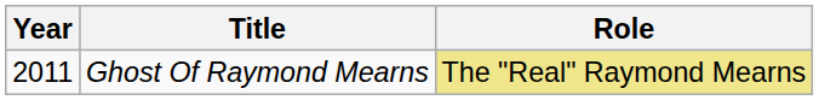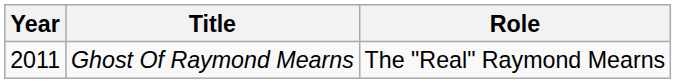 <table class="wikitable" style="font-size: 95%;">
 <tr>
 <th>Year</th>
 <th>Title</th>
 <th>Role</th>
 </tr>
 <tr>
 <td rowspan="2">2011</td>
 <td><em>Ghost Of Raymond Mearns</em></td>
-<td style="background: khaki;">The "Real" Raymond Mearns</td>
+<td>The "Real" Raymond Mearns</td>
 </tr>
 </table>
